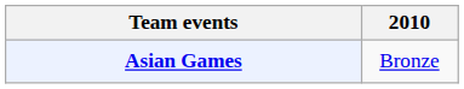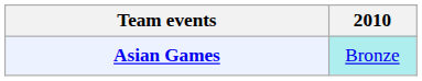 <table class="wikitable" style="font-size: 90%; text-align:center">
 <tr>
 <th>Team events</th>
 <th>2010</th>
 </tr>
 <tr style="height: 30px;">
 <td bgcolor=ECF2FF style="width: 240px;align=left"><strong><a href='#'>Asian Games</a></strong></td>
-<td style="width: 60px"> <a href='#'>Bronze</a></td>
+<td style="background: paleturquoise; width: 60px"> <a href='#'>Bronze</a></td>
 </tr>
 </table>
